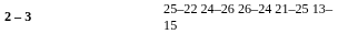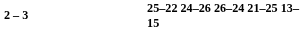 <table width=100% cellspacing=1>
 <tr>
 <th width=20%></th>
 <th width=12%></th>
 <th width=20%></th>
 <th width=33%></th>
 <td></td>
 </tr>
 <tr style=font-size:95%>
 <td align=right></td>
 <td align=center><strong>2 – 3</strong></td>
 <td><strong></strong></td>
-<td>25–22 24–26 26–24 21–25 13–15</td>
+<td><strong>25–22 24–26 26–24 21–25 13–15</strong></td>
 </tr>
 </table>
